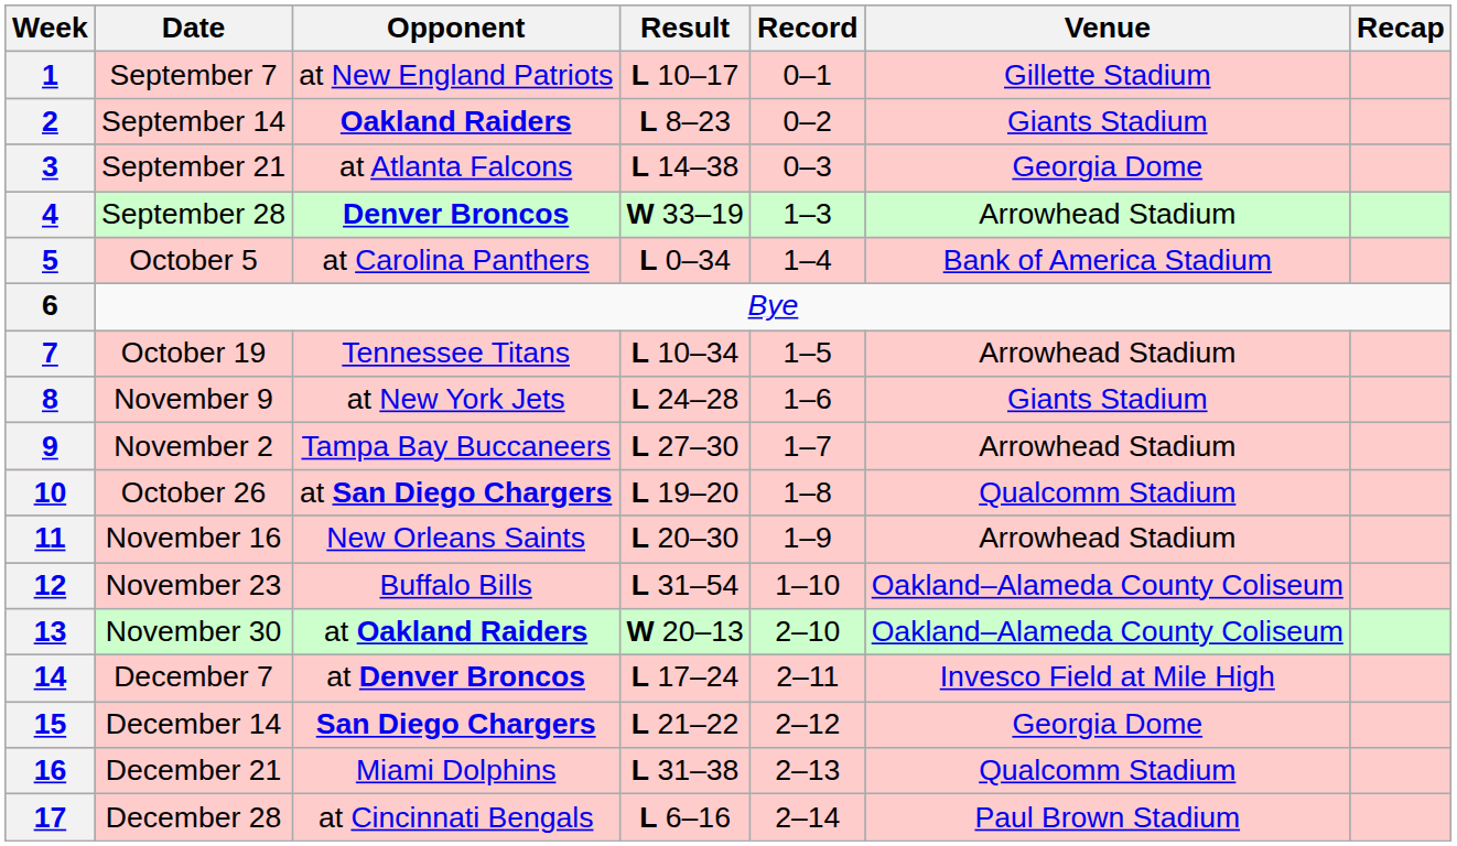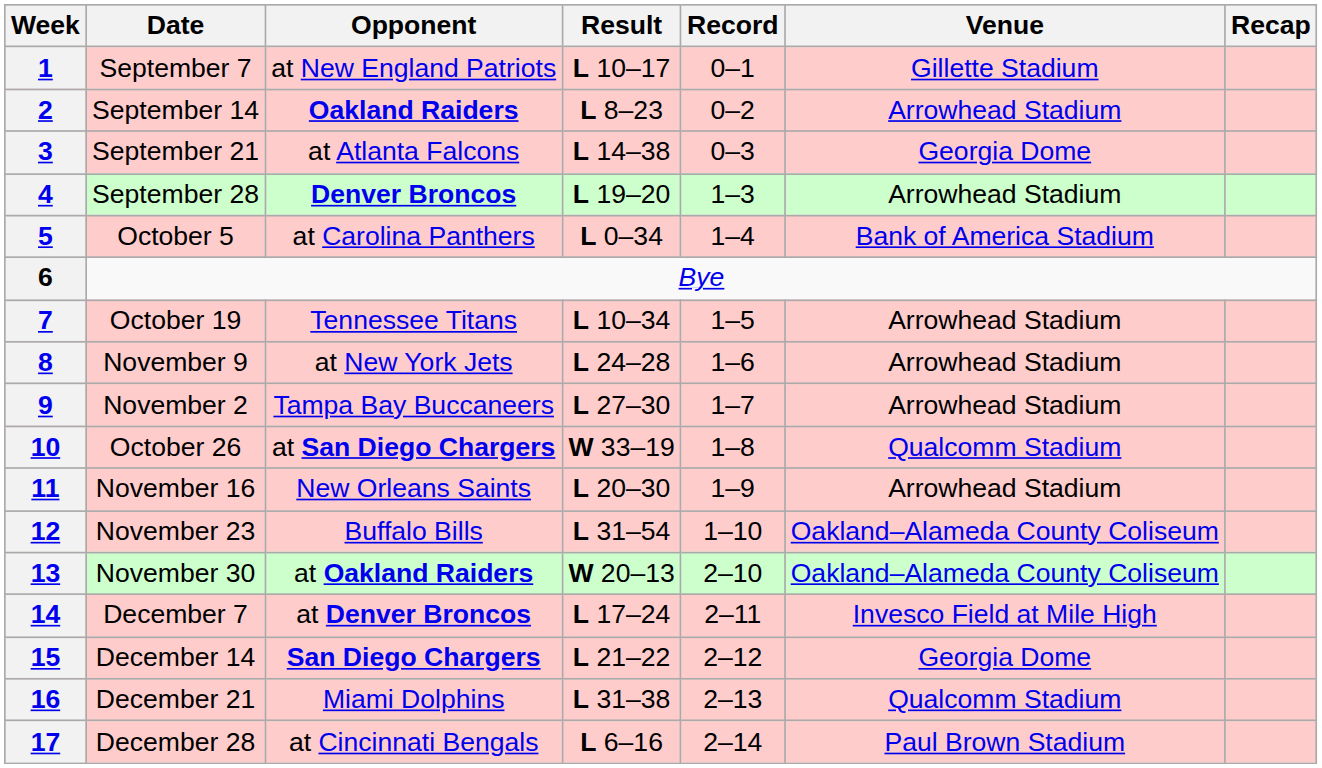 <table class="wikitable" style="text-align:center">
 <tr>
 <th>Week</th>
 <th>Date</th>
 <th>Opponent</th>
 <th>Result</th>
 <th>Record</th>
 <th>Venue</th>
 <th>Recap</th>
 </tr>
 <tr style="background:#fcc">
 <th><a href='#'>1</a></th>
 <td>September 7</td>
 <td>at <a href='#'>New England Patriots</a></td>
 <td><strong>L</strong> 10–17</td>
 <td>0–1</td>
 <td><a href='#'>Gillette Stadium</a></td>
 <td></td>
 </tr>
 <tr style="background:#fcc">
 <th><a href='#'>2</a></th>
 <td>September 14</td>
 <td><strong><a href='#'>Oakland Raiders</a></strong></td>
 <td><strong>L</strong> 8–23</td>
 <td>0–2</td>
-<td><a href='#'>Giants Stadium</a></td>
+<td><a href='#'>Arrowhead Stadium</a></td>
 <td></td>
 </tr>
 <tr style="background:#fcc">
 <th><a href='#'>3</a></th>
 <td>September 21</td>
 <td>at <a href='#'>Atlanta Falcons</a></td>
 <td><strong>L</strong> 14–38</td>
 <td>0–3</td>
 <td><a href='#'>Georgia Dome</a></td>
 <td></td>
 </tr>
 <tr style="background:#cfc">
 <th><a href='#'>4</a></th>
 <td>September 28</td>
 <td><strong><a href='#'>Denver Broncos</a></strong></td>
-<td><strong>W</strong> 33–19</td>
+<td><strong>L</strong> 19–20</td>
 <td>1–3</td>
 <td>Arrowhead Stadium</td>
 <td></td>
 </tr>
 <tr style="background:#fcc">
 <th><a href='#'>5</a></th>
 <td>October 5</td>
 <td>at <a href='#'>Carolina Panthers</a></td>
 <td><strong>L</strong> 0–34</td>
 <td>1–4</td>
 <td><a href='#'>Bank of America Stadium</a></td>
 <td></td>
 </tr>
 <tr>
 <th>6</th>
 <td colspan="6"><em><a href='#'>Bye</a></em></td>
 </tr>
 <tr style="background:#fcc">
 <th><a href='#'>7</a></th>
 <td>October 19</td>
 <td><a href='#'>Tennessee Titans</a></td>
 <td><strong>L</strong> 10–34</td>
 <td>1–5</td>
 <td>Arrowhead Stadium</td>
 <td></td>
 </tr>
 <tr style="background:#fcc">
 <th><a href='#'>8</a></th>
 <td>November 9</td>
 <td>at <a href='#'>New York Jets</a></td>
 <td><strong>L</strong> 24–28</td>
 <td>1–6</td>
-<td><a href='#'>Giants Stadium</a></td>
+<td>Arrowhead Stadium</td>
 <td></td>
 </tr>
 <tr style="background:#fcc">
 <th><a href='#'>9</a></th>
 <td>November 2</td>
 <td><a href='#'>Tampa Bay Buccaneers</a></td>
 <td><strong>L</strong> 27–30 </td>
 <td>1–7</td>
 <td>Arrowhead Stadium</td>
 <td></td>
 </tr>
 <tr style="background:#fcc">
 <th><a href='#'>10</a></th>
 <td>October 26</td>
 <td>at <strong><a href='#'>San Diego Chargers</a></strong></td>
-<td><strong>L</strong> 19–20</td>
+<td><strong>W</strong> 33–19</td>
 <td>1–8</td>
 <td><a href='#'>Qualcomm Stadium</a></td>
 <td></td>
 </tr>
 <tr style="background:#fcc">
 <th><a href='#'>11</a></th>
 <td>November 16</td>
 <td><a href='#'>New Orleans Saints</a></td>
 <td><strong>L</strong> 20–30</td>
 <td>1–9</td>
 <td>Arrowhead Stadium</td>
 <td></td>
 </tr>
 <tr style="background:#fcc">
 <th><a href='#'>12</a></th>
 <td>November 23</td>
 <td><a href='#'>Buffalo Bills</a></td>
 <td><strong>L</strong> 31–54</td>
 <td>1–10</td>
 <td><a href='#'>Oakland–Alameda County Coliseum</a></td>
 <td></td>
 </tr>
 <tr style="background:#cfc">
 <th><a href='#'>13</a></th>
 <td>November 30</td>
 <td>at <strong><a href='#'>Oakland Raiders</a></strong></td>
 <td><strong>W</strong> 20–13</td>
 <td>2–10</td>
 <td><a href='#'>Oakland–Alameda County Coliseum</a></td>
 <td></td>
 </tr>
 <tr style="background:#fcc">
 <th><a href='#'>14</a></th>
 <td>December 7</td>
 <td>at <strong><a href='#'>Denver Broncos</a></strong></td>
 <td><strong>L</strong> 17–24</td>
 <td>2–11</td>
 <td><a href='#'>Invesco Field at Mile High</a></td>
 <td></td>
 </tr>
 <tr style="background:#fcc">
 <th><a href='#'>15</a></th>
 <td>December 14</td>
 <td><strong><a href='#'>San Diego Chargers</a></strong></td>
 <td><strong>L</strong> 21–22</td>
 <td>2–12</td>
 <td><a href='#'>Georgia Dome</a></td>
 <td></td>
 </tr>
 <tr style="background:#fcc">
 <th><a href='#'>16</a></th>
 <td>December 21</td>
 <td><a href='#'>Miami Dolphins</a></td>
 <td><strong>L</strong> 31–38</td>
 <td>2–13</td>
 <td><a href='#'>Qualcomm Stadium</a></td>
 <td></td>
 </tr>
 <tr style="background:#fcc">
 <th><a href='#'>17</a></th>
 <td>December 28</td>
 <td>at <a href='#'>Cincinnati Bengals</a></td>
 <td><strong>L</strong> 6–16</td>
 <td>2–14</td>
 <td><a href='#'>Paul Brown Stadium</a></td>
 <td></td>
 </tr>
 </table>
